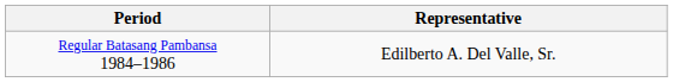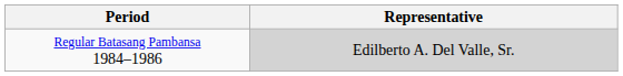 <table class="wikitable" style="text-align:center; width:40%;">
 <tr>
 <th width="40%">Period</th>
 <th>Representative</th>
 </tr>
 <tr>
 <td><small><a href='#'>Regular Batasang Pambansa</a></small><br>1984–1986</td>
-<td>Edilberto A. Del Valle, Sr.</td>
+<td style="background: lightgrey;">Edilberto A. Del Valle, Sr.</td>
 </tr>
 </table>
